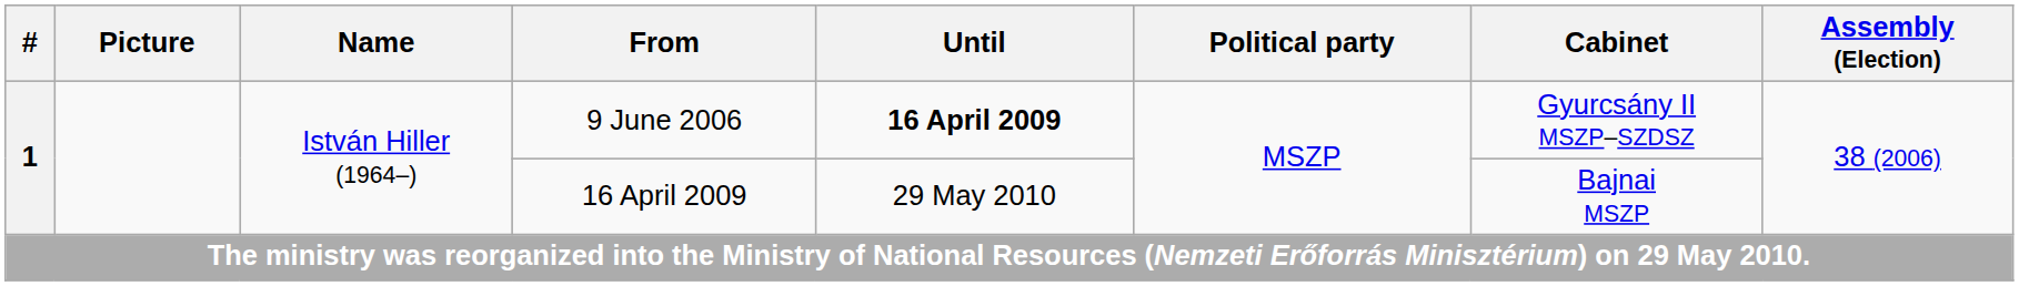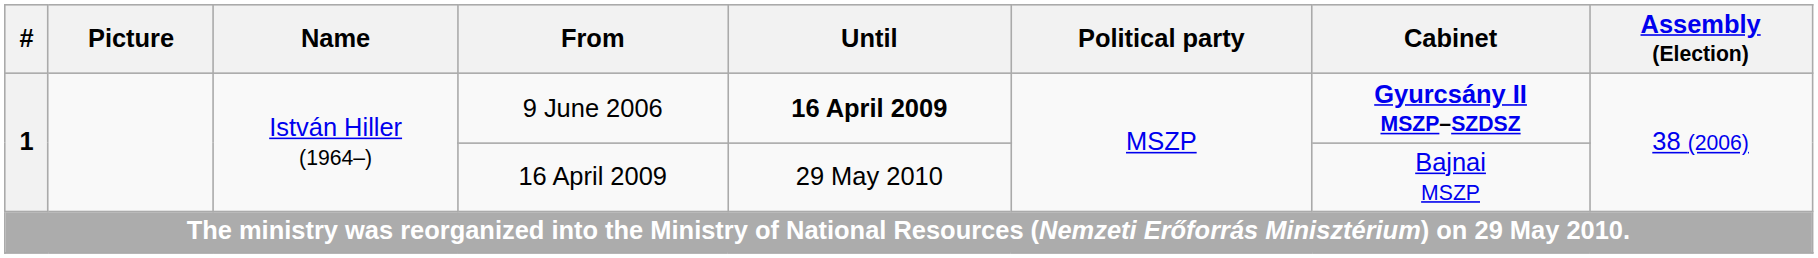 <table width=90% class="wikitable" style="text-align:center">
 <tr>
 <th>#</th>
 <th>Picture</th>
 <th>Name</th>
 <th>From</th>
 <th>Until</th>
 <th>Political party</th>
 <th>Cabinet</th>
 <th><a href='#'>Assembly</a><br><small>(Election)</small></th>
 </tr>
 <tr>
 <th rowspan="2" style="background:">1</th>
 <td rowspan="2"></td>
 <td rowspan="2"><a href='#'>István Hiller</a><br><small>(1964–)</small></td>
 <td>9 June 2006</td>
 <td><strong>16 April 2009</strong></td>
 <td rowspan="2"><a href='#'>MSZP</a></td>
-<td><a href='#'>Gyurcsány II</a><br><small><a href='#'>MSZP</a>–<a href='#'>SZDSZ</a></small></td>
+<td><strong><a href='#'>Gyurcsány II</a><br><small><a href='#'>MSZP</a>–<a href='#'>SZDSZ</a></small></strong></td>
 <td rowspan="2"><a href='#'>38 <small>(2006)</small></a></td>
 </tr>
 <tr>
 <td>16 April 2009</td>
 <td>29 May 2010</td>
 <td><a href='#'>Bajnai</a><br><small><a href='#'>MSZP</a></small></td>
 </tr>
 <tr>
 <th colspan="8" style="background-color:#ACACAC; color:white">The ministry was reorganized into the Ministry of National Resources (<em>Nemzeti Erőforrás Minisztérium</em>) on 29 May 2010.</th>
 </tr>
 <tr>
 </tr>
 </table>
